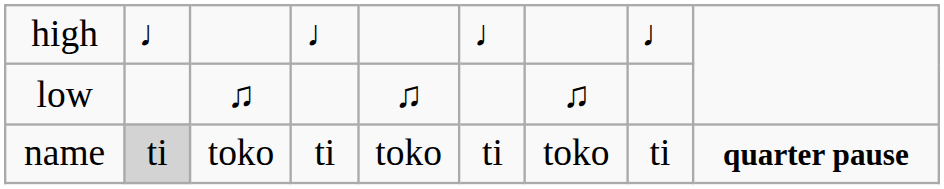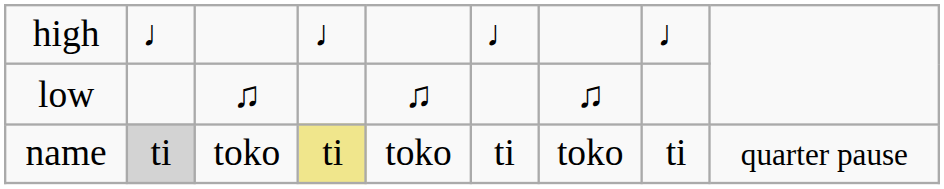 <table class="wikitable" style="text-align: center; width: 400px; height: 25px;">
 <tr>
 <td>high</td>
 <td>♩</td>
 <td></td>
 <td>♩</td>
 <td></td>
 <td>♩</td>
 <td></td>
 <td>♩</td>
 <td rowspan="2"></td>
 </tr>
 <tr>
 <td>low</td>
 <td></td>
 <td>♫</td>
 <td></td>
 <td>♫</td>
 <td></td>
 <td>♫</td>
 <td></td>
 </tr>
 <tr>
 <td>name</td>
 <td style="background: lightgrey;">ti</td>
 <td>toko</td>
-<td>ti</td>
+<td style="background: khaki;">ti</td>
 <td>toko</td>
 <td>ti</td>
 <td>toko</td>
 <td>ti</td>
-<td><strong><small>quarter pause</small></strong></td>
+<td><small>quarter pause</small></td>
 </tr>
 </table>
